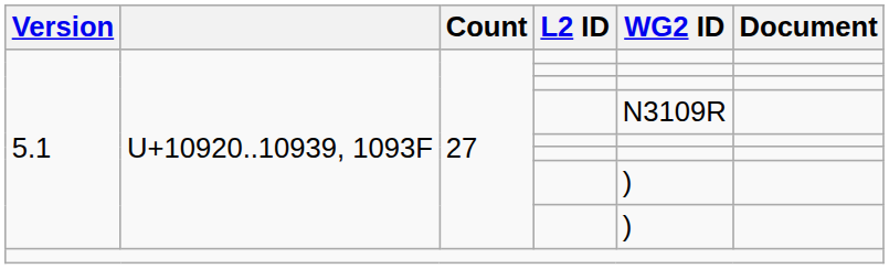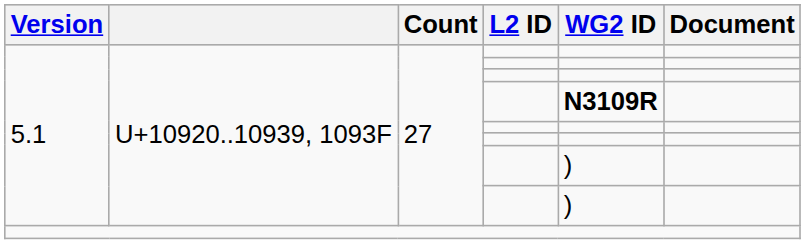 <table class="wikitable collapsible sticky-header">
 <tr>
 <th><a href='#'>Version</a></th>
 <th></th>
 <th>Count</th>
 <th><a href='#'>L2</a> ID</th>
 <th><a href='#'>WG2</a> ID</th>
 <th>Document</th>
 </tr>
 <tr>
 <td rowspan="8">5.1</td>
 <td rowspan="8">U+10920..10939, 1093F</td>
 <td rowspan="8">27</td>
 <td></td>
 <td></td>
 <td></td>
 </tr>
 <tr>
 <td></td>
 <td></td>
 <td></td>
 </tr>
 <tr>
 <td></td>
 <td></td>
 <td></td>
 </tr>
 <tr>
 <td></td>
-<td>N3109R</td>
+<td><strong>N3109R</strong></td>
 <td></td>
 </tr>
 <tr>
 <td></td>
 <td></td>
 <td></td>
 </tr>
 <tr>
 <td></td>
 <td></td>
 <td></td>
 </tr>
 <tr>
 <td></td>
 <td> )</td>
 <td></td>
 </tr>
 <tr>
 <td></td>
 <td> )</td>
 <td></td>
 </tr>
 <tr class="sortbottom">
 <td colspan="6"></td>
 </tr>
 </table>
